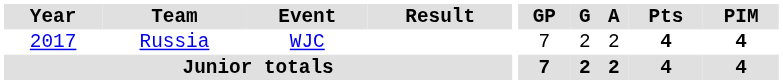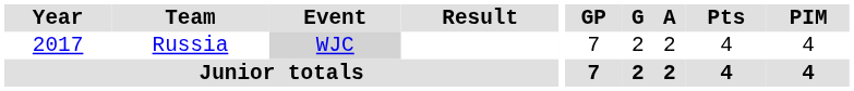 <table border="0" cellpadding="1" cellspacing="0" ID="Table3" style="text-align:center; width:40em">
 <tr ALIGN="center" bgcolor="#e0e0e0">
 <th>Year</th>
 <th>Team</th>
 <th>Event</th>
 <th>Result</th>
 <th rowspan="99" bgcolor="#ffffff"></th>
 <th>GP</th>
 <th>G</th>
 <th>A</th>
 <th>Pts</th>
 <th>PIM</th>
 </tr>
 <tr>
 <td><a href='#'>2017</a></td>
 <td><a href='#'>Russia</a></td>
-<td><a href='#'>WJC</a></td>
+<td style="background: lightgrey;"><a href='#'>WJC</a></td>
 <td></td>
 <td>7</td>
 <td>2</td>
 <td>2</td>
-<td><strong>4</strong></td>
-<td><strong>4</strong></td>
+<td>4</td>
+<td>4</td>
 </tr>
 <tr bgcolor="#e0e0e0">
 <th colspan="4">Junior totals</th>
 <th>7</th>
 <th>2</th>
 <th>2</th>
 <th>4</th>
 <th>4</th>
 </tr>
 </table>
